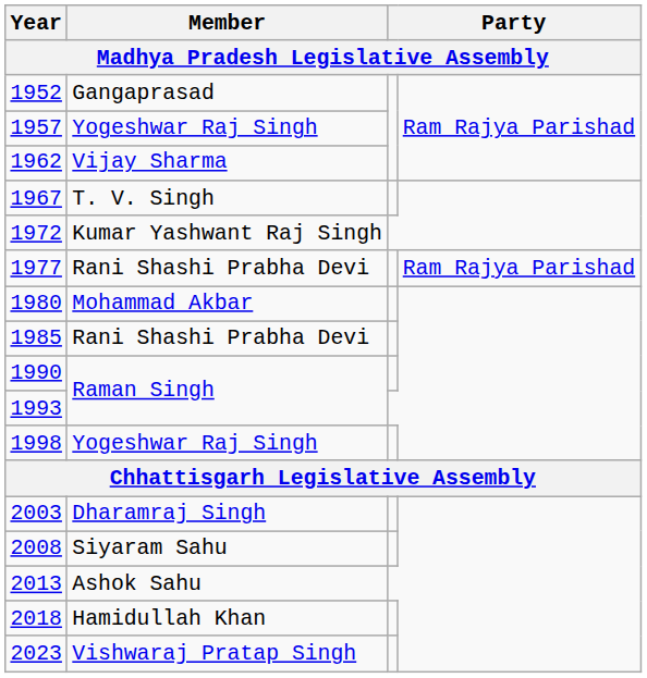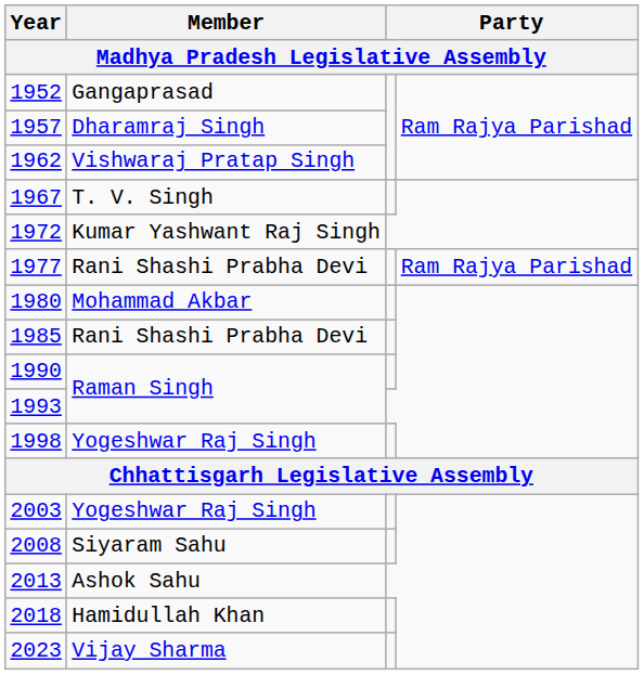 <table class="wikitable">
 <tr>
 <th>Year</th>
 <th>Member</th>
 <th colspan="2">Party</th>
 </tr>
 <tr>
 <th colspan=4><a href='#'>Madhya Pradesh Legislative Assembly</a></th>
 </tr>
 <tr>
 <td><a href='#'>1952</a></td>
 <td>Gangaprasad</td>
 <td rowspan="3" style="background-color: "></td>
 <td rowspan="3"><a href='#'>Ram Rajya Parishad</a></td>
 </tr>
 <tr>
 <td><a href='#'>1957</a></td>
-<td><a href='#'>Yogeshwar Raj Singh</a></td>
+<td><a href='#'>Dharamraj Singh</a></td>
 </tr>
 <tr>
 <td><a href='#'>1962</a></td>
-<td><a href='#'>Vijay Sharma</a></td>
+<td><a href='#'>Vishwaraj Pratap Singh</a></td>
 </tr>
 <tr>
 <td><a href='#'>1967</a></td>
 <td>T. V. Singh</td>
 <td></td>
 </tr>
 <tr>
 <td><a href='#'>1972</a></td>
 <td>Kumar Yashwant Raj Singh</td>
 </tr>
 <tr>
 <td><a href='#'>1977</a></td>
 <td>Rani Shashi Prabha Devi</td>
 <td style="background-color: "></td>
 <td><a href='#'>Ram Rajya Parishad</a></td>
 </tr>
 <tr>
 <td><a href='#'>1980</a></td>
 <td><a href='#'>Mohammad Akbar</a></td>
 <td></td>
 </tr>
 <tr>
 <td><a href='#'>1985</a></td>
 <td>Rani Shashi Prabha Devi</td>
 <td></td>
 </tr>
 <tr>
 <td><a href='#'>1990</a></td>
 <td rowspan="2"><a href='#'>Raman Singh</a></td>
 <td></td>
 </tr>
 <tr>
 <td><a href='#'>1993</a></td>
 </tr>
 <tr>
 <td><a href='#'>1998</a></td>
 <td><a href='#'>Yogeshwar Raj Singh</a></td>
 <td></td>
 </tr>
 <tr>
 <th colspan=4><a href='#'>Chhattisgarh Legislative Assembly</a></th>
 </tr>
 <tr>
 <td><a href='#'>2003</a></td>
-<td><a href='#'>Dharamraj Singh</a></td>
+<td><a href='#'>Yogeshwar Raj Singh</a></td>
 <td></td>
 </tr>
 <tr>
 <td><a href='#'>2008</a></td>
 <td>Siyaram Sahu</td>
 <td></td>
 </tr>
 <tr>
 <td><a href='#'>2013</a></td>
 <td>Ashok Sahu</td>
 </tr>
 <tr>
 <td><a href='#'>2018</a></td>
 <td>Hamidullah Khan</td>
 <td></td>
 </tr>
 <tr>
 <td><a href='#'>2023</a></td>
-<td><a href='#'>Vishwaraj Pratap Singh</a></td>
+<td><a href='#'>Vijay Sharma</a></td>
 <td></td>
 </tr>
 </table>
